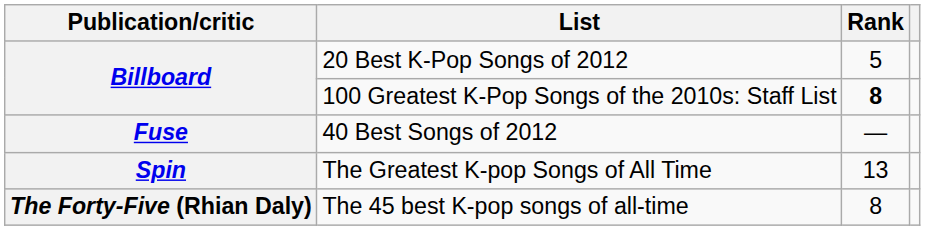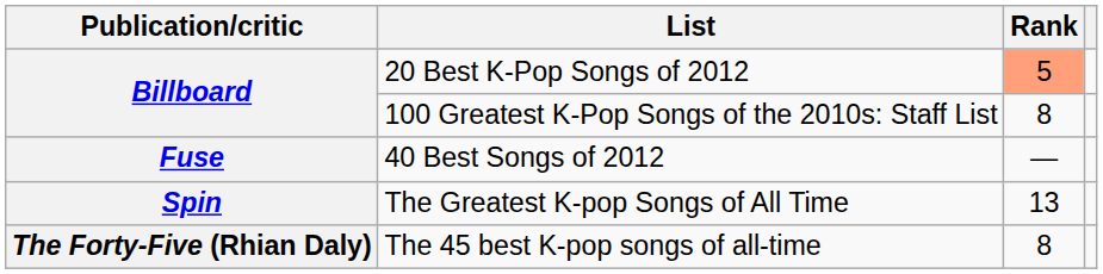 <table class="wikitable plainrowheaders sortable">
 <tr>
 <th>Publication/critic</th>
 <th>List</th>
 <th>Rank</th>
 <th class="unsortable"></th>
 </tr>
 <tr>
 <th rowspan="2" scope="row"><a href='#'><em>Billboard</em></a></th>
 <td>20 Best K-Pop Songs of 2012</td>
-<td align="center">5</td>
+<td align="center" style="background: lightsalmon;">5</td>
 <td align="center"></td>
 </tr>
 <tr>
 <td>100 Greatest K-Pop Songs of the 2010s: Staff List</td>
-<td align="center"><strong>8</strong></td>
+<td align="center">8</td>
 <td align="center"></td>
 </tr>
 <tr>
 <th scope="row"><a href='#'><em>Fuse</em></a></th>
 <td>40 Best Songs of 2012</td>
 <td align="center">—</td>
 <td align="center"></td>
 </tr>
 <tr>
 <th scope="row"><a href='#'><em>Spin</em></a></th>
 <td>The Greatest K-pop Songs of All Time</td>
 <td align="center">13</td>
 <td align="center"></td>
 </tr>
 <tr>
 <th scope="row"><em>The Forty-Five</em> (Rhian Daly)</th>
 <td>The 45 best K-pop songs of all-time</td>
 <td align="center">8</td>
 <td align="center"></td>
 </tr>
 </table>
